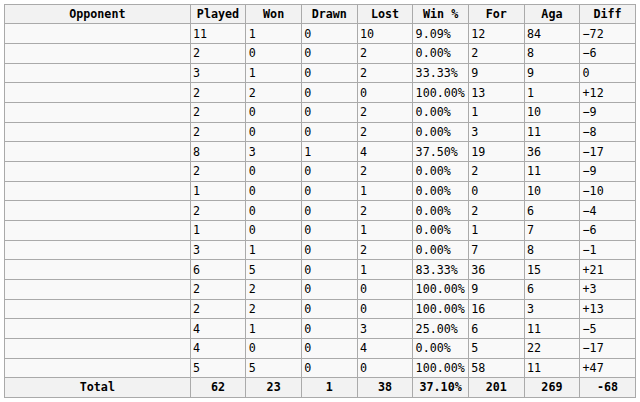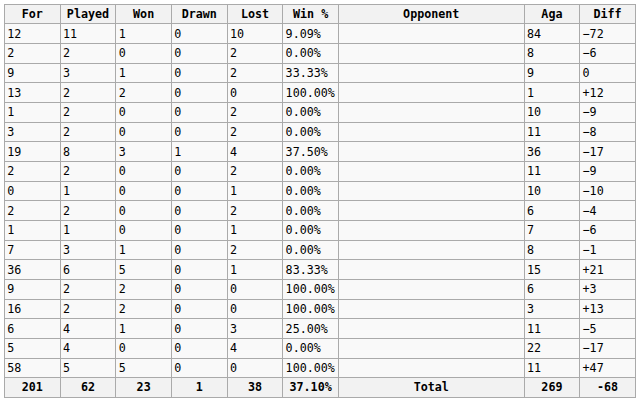 <table class="wikitable sortable" style="font-size:90%">
 <tr>
-<th style="width:180px;">Opponent</th>
+<th style="width:50px;">For</th>
 <th style="width:50px;">Played</th>
 <th style="width:50px;">Won</th>
 <th style="width:50px;">Drawn</th>
 <th style="width:50px;">Lost</th>
 <th style="width:50px;">Win %</th>
-<th style="width:50px;">For</th>
+<th style="width:180px;">Opponent</th>
 <th style="width:50px;">Aga</th>
 <th style="width:50px;">Diff</th>
 </tr>
 <tr>
-<td></td>
+<td>12</td>
 <td>11</td>
 <td>1</td>
 <td>0</td>
 <td>10</td>
 <td>9.09%</td>
-<td>12</td>
+<td></td>
 <td>84</td>
 <td>−72</td>
 </tr>
 <tr>
-<td></td>
+<td>2</td>
 <td>2</td>
 <td>0</td>
 <td>0</td>
 <td>2</td>
 <td>0.00%</td>
-<td>2</td>
+<td></td>
 <td>8</td>
 <td>−6</td>
 </tr>
 <tr>
-<td></td>
+<td>9</td>
 <td>3</td>
 <td>1</td>
 <td>0</td>
 <td>2</td>
 <td>33.33%</td>
-<td>9</td>
+<td></td>
 <td>9</td>
 <td>0</td>
 </tr>
 <tr>
-<td></td>
+<td>13</td>
 <td>2</td>
 <td>2</td>
 <td>0</td>
 <td>0</td>
 <td>100.00%</td>
-<td>13</td>
+<td></td>
 <td>1</td>
 <td>+12</td>
 </tr>
 <tr>
-<td></td>
+<td>1</td>
 <td>2</td>
 <td>0</td>
 <td>0</td>
 <td>2</td>
 <td>0.00%</td>
-<td>1</td>
+<td></td>
 <td>10</td>
 <td>−9</td>
 </tr>
 <tr>
-<td></td>
+<td>3</td>
 <td>2</td>
 <td>0</td>
 <td>0</td>
 <td>2</td>
 <td>0.00%</td>
-<td>3</td>
+<td></td>
 <td>11</td>
 <td>−8</td>
 </tr>
 <tr>
-<td></td>
+<td>19</td>
 <td>8</td>
 <td>3</td>
 <td>1</td>
 <td>4</td>
 <td>37.50%</td>
-<td>19</td>
+<td></td>
 <td>36</td>
 <td>−17</td>
 </tr>
 <tr>
-<td></td>
+<td>2</td>
 <td>2</td>
 <td>0</td>
 <td>0</td>
 <td>2</td>
 <td>0.00%</td>
-<td>2</td>
+<td></td>
 <td>11</td>
 <td>−9</td>
 </tr>
 <tr>
-<td></td>
+<td>0</td>
 <td>1</td>
 <td>0</td>
 <td>0</td>
 <td>1</td>
 <td>0.00%</td>
-<td>0</td>
+<td></td>
 <td>10</td>
 <td>−10</td>
 </tr>
 <tr>
-<td></td>
+<td>2</td>
 <td>2</td>
 <td>0</td>
 <td>0</td>
 <td>2</td>
 <td>0.00%</td>
-<td>2</td>
+<td></td>
 <td>6</td>
 <td>−4</td>
 </tr>
 <tr>
-<td></td>
+<td>1</td>
 <td>1</td>
 <td>0</td>
 <td>0</td>
 <td>1</td>
 <td>0.00%</td>
-<td>1</td>
+<td></td>
 <td>7</td>
 <td>−6</td>
 </tr>
 <tr>
-<td></td>
+<td>7</td>
 <td>3</td>
 <td>1</td>
 <td>0</td>
 <td>2</td>
 <td>0.00%</td>
-<td>7</td>
+<td></td>
 <td>8</td>
 <td>−1</td>
 </tr>
 <tr>
-<td></td>
+<td>36</td>
 <td>6</td>
 <td>5</td>
 <td>0</td>
 <td>1</td>
 <td>83.33%</td>
-<td>36</td>
+<td></td>
 <td>15</td>
 <td>+21</td>
 </tr>
 <tr>
-<td></td>
+<td>9</td>
 <td>2</td>
 <td>2</td>
 <td>0</td>
 <td>0</td>
 <td>100.00%</td>
-<td>9</td>
+<td></td>
 <td>6</td>
 <td>+3</td>
 </tr>
 <tr>
-<td></td>
+<td>16</td>
 <td>2</td>
 <td>2</td>
 <td>0</td>
 <td>0</td>
 <td>100.00%</td>
-<td>16</td>
+<td></td>
 <td>3</td>
 <td>+13</td>
 </tr>
 <tr>
-<td></td>
+<td>6</td>
 <td>4</td>
 <td>1</td>
 <td>0</td>
 <td>3</td>
 <td>25.00%</td>
-<td>6</td>
+<td></td>
 <td>11</td>
 <td>−5</td>
 </tr>
 <tr>
-<td></td>
+<td>5</td>
 <td>4</td>
 <td>0</td>
 <td>0</td>
 <td>4</td>
 <td>0.00%</td>
-<td>5</td>
+<td></td>
 <td>22</td>
 <td>−17</td>
 </tr>
 <tr>
-<td></td>
+<td>58</td>
 <td>5</td>
 <td>5</td>
 <td>0</td>
 <td>0</td>
 <td>100.00%</td>
-<td>58</td>
+<td></td>
 <td>11</td>
 <td>+47</td>
 </tr>
 <tr class="sortbottom">
-<th>Total</th>
+<th>201</th>
 <th>62</th>
 <th>23</th>
 <th>1</th>
 <th>38</th>
 <th>37.10%</th>
-<th>201</th>
+<th>Total</th>
 <th>269</th>
 <th>-68</th>
 </tr>
 </table>
